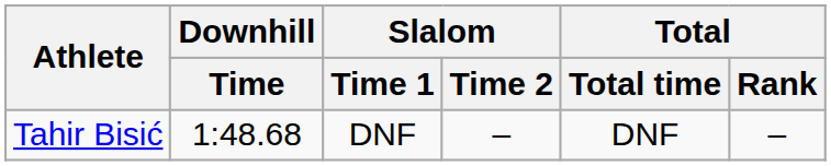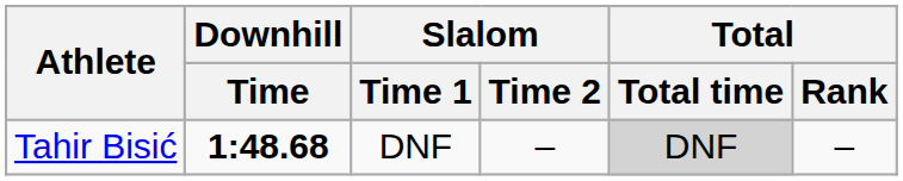 <table class="wikitable" style="font-size:90%">
 <tr>
 <th rowspan="2">Athlete</th>
 <th>Downhill</th>
 <th colspan="2">Slalom</th>
 <th colspan="2">Total</th>
 </tr>
 <tr>
 <th>Time</th>
 <th>Time 1</th>
 <th>Time 2</th>
 <th>Total time</th>
 <th>Rank</th>
 </tr>
 <tr>
 <td><a href='#'>Tahir Bisić</a></td>
-<td align="center">1:48.68</td>
+<td align="center"><strong>1:48.68</strong></td>
 <td align="center">DNF</td>
 <td align="center">–</td>
-<td align="center">DNF</td>
+<td align="center" style="background: lightgrey;">DNF</td>
 <td align="center">–</td>
 </tr>
 </table>
